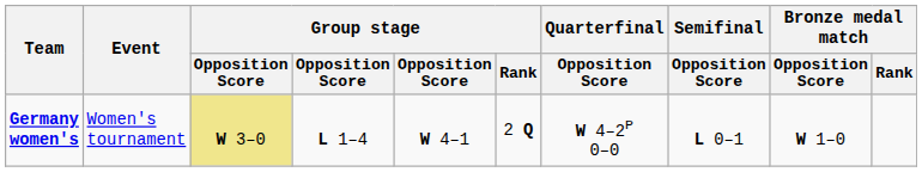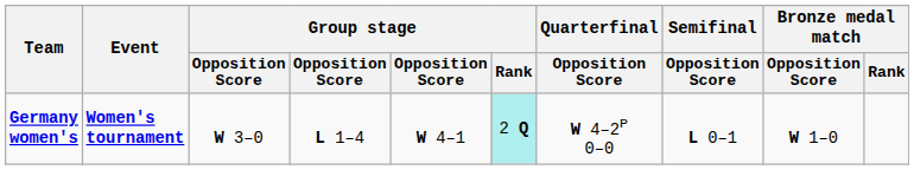 <table class="wikitable" style="font-size:90%">
 <tr>
 <th rowspan=2>Team</th>
 <th rowspan=2>Event</th>
 <th colspan=4>Group stage</th>
 <th>Quarterfinal</th>
 <th>Semifinal</th>
 <th colspan=2>Bronze medal match</th>
 </tr>
 <tr style="font-size:95%">
 <th>Opposition<br>Score</th>
 <th>Opposition<br>Score</th>
 <th>Opposition<br>Score</th>
 <th>Rank</th>
 <th>Opposition<br>Score</th>
 <th>Opposition<br>Score</th>
 <th>Opposition<br>Score</th>
 <th>Rank</th>
 </tr>
 <tr align=center>
 <td align=left><strong><a href='#'>Germany women's</a></strong></td>
-<td align=left><a href='#'>Women's tournament</a></td>
-<td style="background: khaki;"><br><strong>W</strong> 3–0</td>
+<td align=left><strong><a href='#'>Women's tournament</a></strong></td>
+<td><br><strong>W</strong> 3–0</td>
 <td><br><strong>L</strong> 1–4</td>
 <td><br><strong>W</strong> 4–1</td>
-<td>2 <strong>Q</strong></td>
+<td style="background: paleturquoise;">2 <strong>Q</strong></td>
 <td><br><strong>W</strong> 4–2<sup>P</sup><br>0–0 </td>
 <td><br><strong>L</strong> 0–1 </td>
 <td><br><strong>W</strong> 1–0</td>
 <td></td>
 </tr>
 </table>
